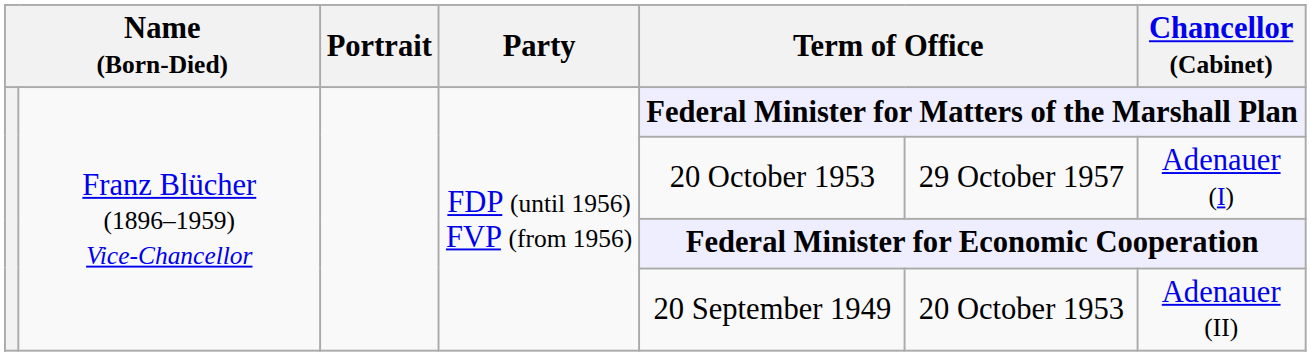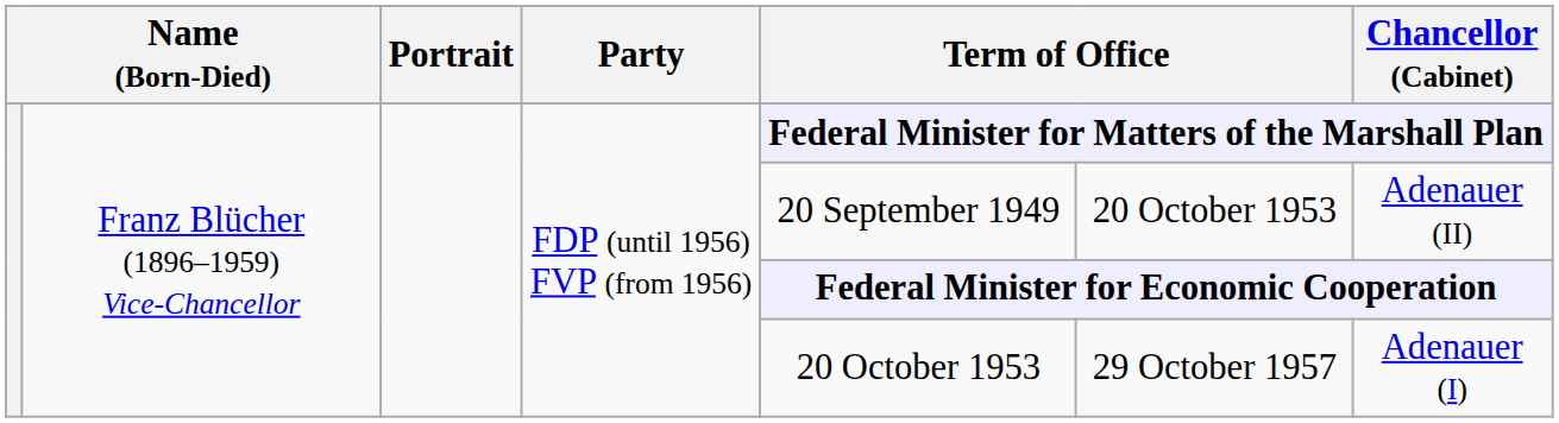 <table class="wikitable" style="text-align:center">
 <tr>
 <th colspan=2>Name<br><small>(Born-Died)</small></th>
 <th>Portrait</th>
 <th>Party</th>
 <th colspan=2>Term of Office</th>
 <th><a href='#'>Chancellor</a><br><small>(Cabinet)</small></th>
 </tr>
 <tr>
 <th rowspan=4 style="background:"></th>
 <td rowspan=4 width=150><a href='#'>Franz Blücher</a><br><small>(1896–1959)<br><em><a href='#'>Vice-Chancellor</a></em></small></td>
 <td rowspan=4></td>
 <td rowspan=4><a href='#'>FDP</a> <small>(until 1956)</small><br> <a href='#'>FVP</a> <small>(from 1956)</small></td>
 <th style="background:#EEEEFF" colspan="3">Federal Minister for Matters of the Marshall Plan</th>
 </tr>
 <tr>
+<td>20 September 1949</td>
 <td>20 October 1953</td>
-<td>29 October 1957</td>
-<td><a href='#'>Adenauer</a><br><small>(<a href='#'>I</a>)</small></td>
+<td><a href='#'>Adenauer</a><br><small>(II)</small></td>
 </tr>
 <tr>
 <th style="background:#EEEEFF" colspan="3">Federal Minister for Economic Cooperation</th>
 </tr>
 <tr>
-<td>20 September 1949</td>
 <td>20 October 1953</td>
-<td><a href='#'>Adenauer</a><br><small>(II)</small></td>
+<td>29 October 1957</td>
+<td><a href='#'>Adenauer</a><br><small>(<a href='#'>I</a>)</small></td>
 </tr>
 </table>
